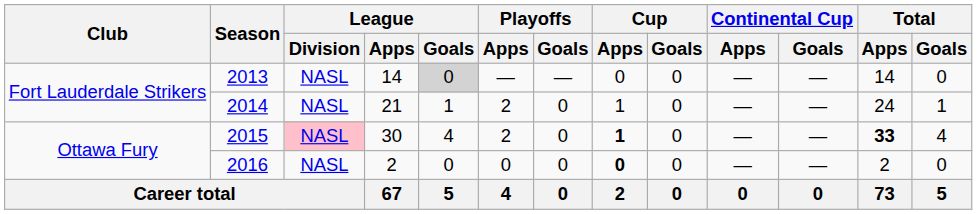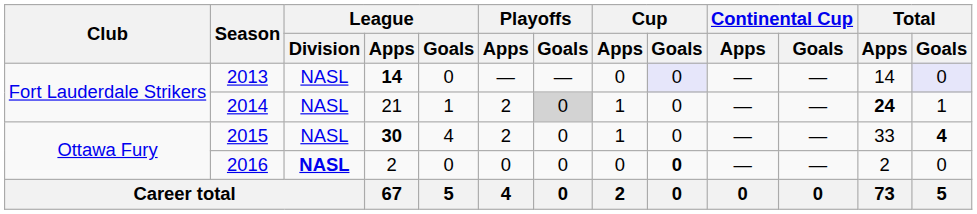 <table class="wikitable" style="text-align: center;">
 <tr>
 <th rowspan="2">Club</th>
 <th rowspan="2">Season</th>
 <th colspan="3">League</th>
 <th colspan="2">Playoffs</th>
 <th colspan="2">Cup</th>
 <th colspan="2"><a href='#'>Continental Cup</a></th>
 <th colspan="2">Total</th>
 </tr>
 <tr>
 <th>Division</th>
 <th>Apps</th>
 <th>Goals</th>
 <th>Apps</th>
 <th>Goals</th>
 <th>Apps</th>
 <th>Goals</th>
 <th>Apps</th>
 <th>Goals</th>
 <th>Apps</th>
 <th>Goals</th>
 </tr>
 <tr>
 <td rowspan="2"><a href='#'>Fort Lauderdale Strikers</a></td>
 <td><a href='#'>2013</a></td>
 <td><a href='#'>NASL</a></td>
-<td>14</td>
-<td style="background: lightgrey;">0</td>
+<td><strong>14</strong></td>
+<td>0</td>
 <td>—</td>
 <td>—</td>
 <td>0</td>
-<td>0</td>
+<td style="background: lavender;">0</td>
 <td>—</td>
 <td>—</td>
 <td>14</td>
-<td>0</td>
+<td style="background: lavender;">0</td>
 </tr>
 <tr>
 <td><a href='#'>2014</a></td>
 <td><a href='#'>NASL</a></td>
 <td>21</td>
 <td>1</td>
 <td>2</td>
+<td style="background: lightgrey;">0</td>
+<td>1</td>
+<td>0</td>
+<td>—</td>
+<td>—</td>
+<td><strong>24</strong></td>
+<td>1</td>
+</tr>
+<tr>
+<td rowspan="2"><a href='#'>Ottawa Fury</a></td>
+<td><a href='#'>2015</a></td>
+<td><a href='#'>NASL</a></td>
+<td><strong>30</strong></td>
+<td>4</td>
+<td>2</td>
 <td>0</td>
 <td>1</td>
 <td>0</td>
 <td>—</td>
 <td>—</td>
-<td>24</td>
-<td>1</td>
-</tr>
-<tr>
-<td rowspan="2"><a href='#'>Ottawa Fury</a></td>
-<td><a href='#'>2015</a></td>
-<td style="background: pink;"><a href='#'>NASL</a></td>
-<td>30</td>
-<td>4</td>
-<td>2</td>
-<td>0</td>
-<td><strong>1</strong></td>
-<td>0</td>
-<td>—</td>
-<td>—</td>
-<td><strong>33</strong></td>
-<td>4</td>
+<td>33</td>
+<td><strong>4</strong></td>
 </tr>
 <tr>
 <td><a href='#'>2016</a></td>
-<td><a href='#'>NASL</a></td>
+<td><strong><a href='#'>NASL</a></strong></td>
 <td>2</td>
 <td>0</td>
 <td>0</td>
 <td>0</td>
+<td>0</td>
 <td><strong>0</strong></td>
-<td>0</td>
 <td>—</td>
 <td>—</td>
 <td>2</td>
 <td>0</td>
 </tr>
 <tr>
 <th colspan="3">Career total</th>
 <th>67</th>
 <th>5</th>
 <th>4</th>
 <th>0</th>
 <th>2</th>
 <th>0</th>
 <th>0</th>
 <th>0</th>
 <th>73</th>
 <th>5</th>
 </tr>
 </table>
